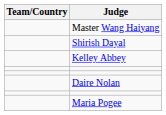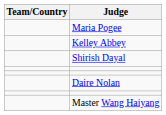 <table class="wikitable sortable" border="1">
 <tr>
 <th>Team/Country</th>
 <th>Judge</th>
 </tr>
 <tr>
 <td></td>
-<td>Master <a href='#'>Wang Haiyang</a></td>
+<td><a href='#'>Maria Pogee</a></td>
+</tr>
+<tr>
+<td></td>
+<td><a href='#'>Kelley Abbey</a></td>
 </tr>
 <tr>
 <td></td>
 <td><a href='#'>Shirish Dayal</a></td>
-</tr>
-<tr>
-<td></td>
-<td><a href='#'>Kelley Abbey</a></td>
 </tr>
 <tr>
 <td></td>
 <td></td>
 </tr>
 <tr>
 <td></td>
 <td></td>
 </tr>
 <tr>
 <td></td>
 <td><a href='#'>Daire Nolan</a></td>
 </tr>
 <tr>
 <td></td>
 <td></td>
 </tr>
 <tr>
 <td></td>
-<td><a href='#'>Maria Pogee</a></td>
+<td>Master <a href='#'>Wang Haiyang</a></td>
 </tr>
 </table>
